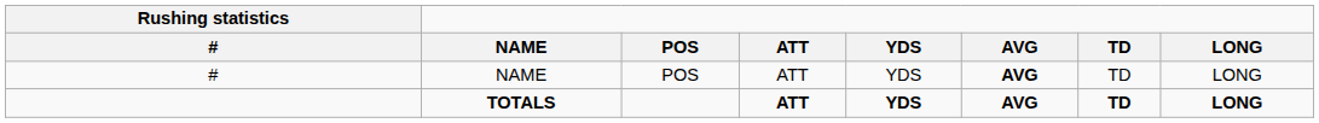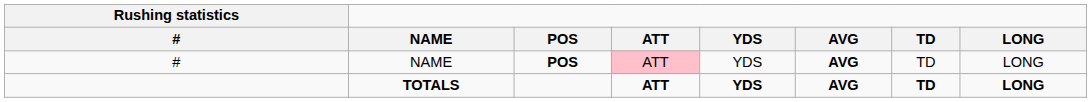 <table style="width:60%; text-align:center;" class="wikitable collapsible collapsed">
 <tr>
 <th style="text-align:center; ">Rushing statistics</th>
 </tr>
 <tr>
 <th>#</th>
 <th>NAME</th>
 <th>POS</th>
 <th>ATT</th>
 <th>YDS</th>
 <th>AVG</th>
 <th>TD</th>
 <th>LONG</th>
 </tr>
 <tr>
 <td>#</td>
 <td>NAME</td>
-<td>POS</td>
-<td>ATT</td>
+<td><strong>POS</strong></td>
+<td style="background: pink;">ATT</td>
 <td>YDS</td>
 <td><strong>AVG</strong></td>
 <td>TD</td>
 <td>LONG</td>
 </tr>
 <tr>
 <td></td>
 <td><strong>TOTALS</strong></td>
 <td></td>
 <td><strong>ATT</strong></td>
 <td><strong>YDS </strong></td>
 <td><strong>AVG</strong></td>
 <td><strong>TD</strong></td>
 <td><strong>LONG</strong></td>
 </tr>
 </table>
